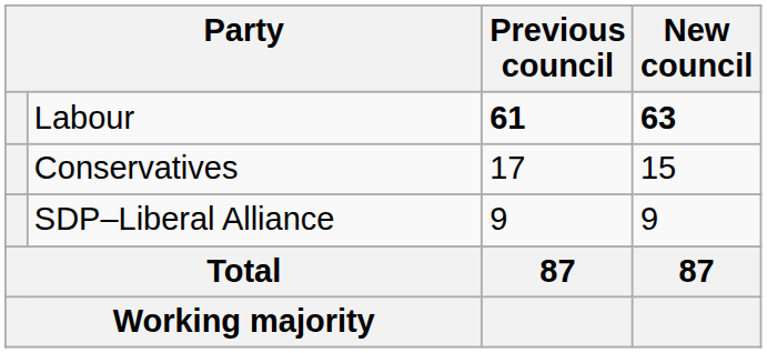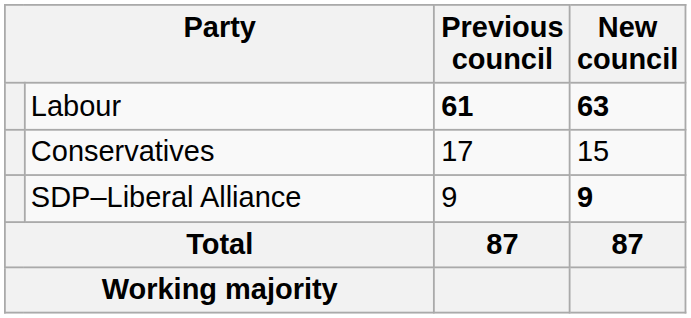 <table class="wikitable">
 <tr>
 <th valign=top colspan="2" style="width: 230px">Party</th>
 <th valign=top style="width: 30px">Previous council</th>
 <th valign=top style="width: 30px">New council</th>
 </tr>
 <tr>
 <th style="background-color: "></th>
 <td>Labour</td>
 <td><strong>61</strong></td>
 <td><strong>63</strong></td>
 </tr>
 <tr>
 <th style="background-color: "></th>
 <td>Conservatives</td>
 <td>17</td>
 <td>15</td>
 </tr>
 <tr>
 <th style="background-color: "></th>
 <td>SDP–Liberal Alliance</td>
 <td>9</td>
-<td>9</td>
+<td><strong>9</strong></td>
 </tr>
 <tr>
 <th colspan=2>Total</th>
 <th style="text-align: center">87</th>
 <th colspan=3>87</th>
 </tr>
 <tr>
 <th colspan=2>Working majority</th>
 <th></th>
 <th></th>
 </tr>
 </table>
